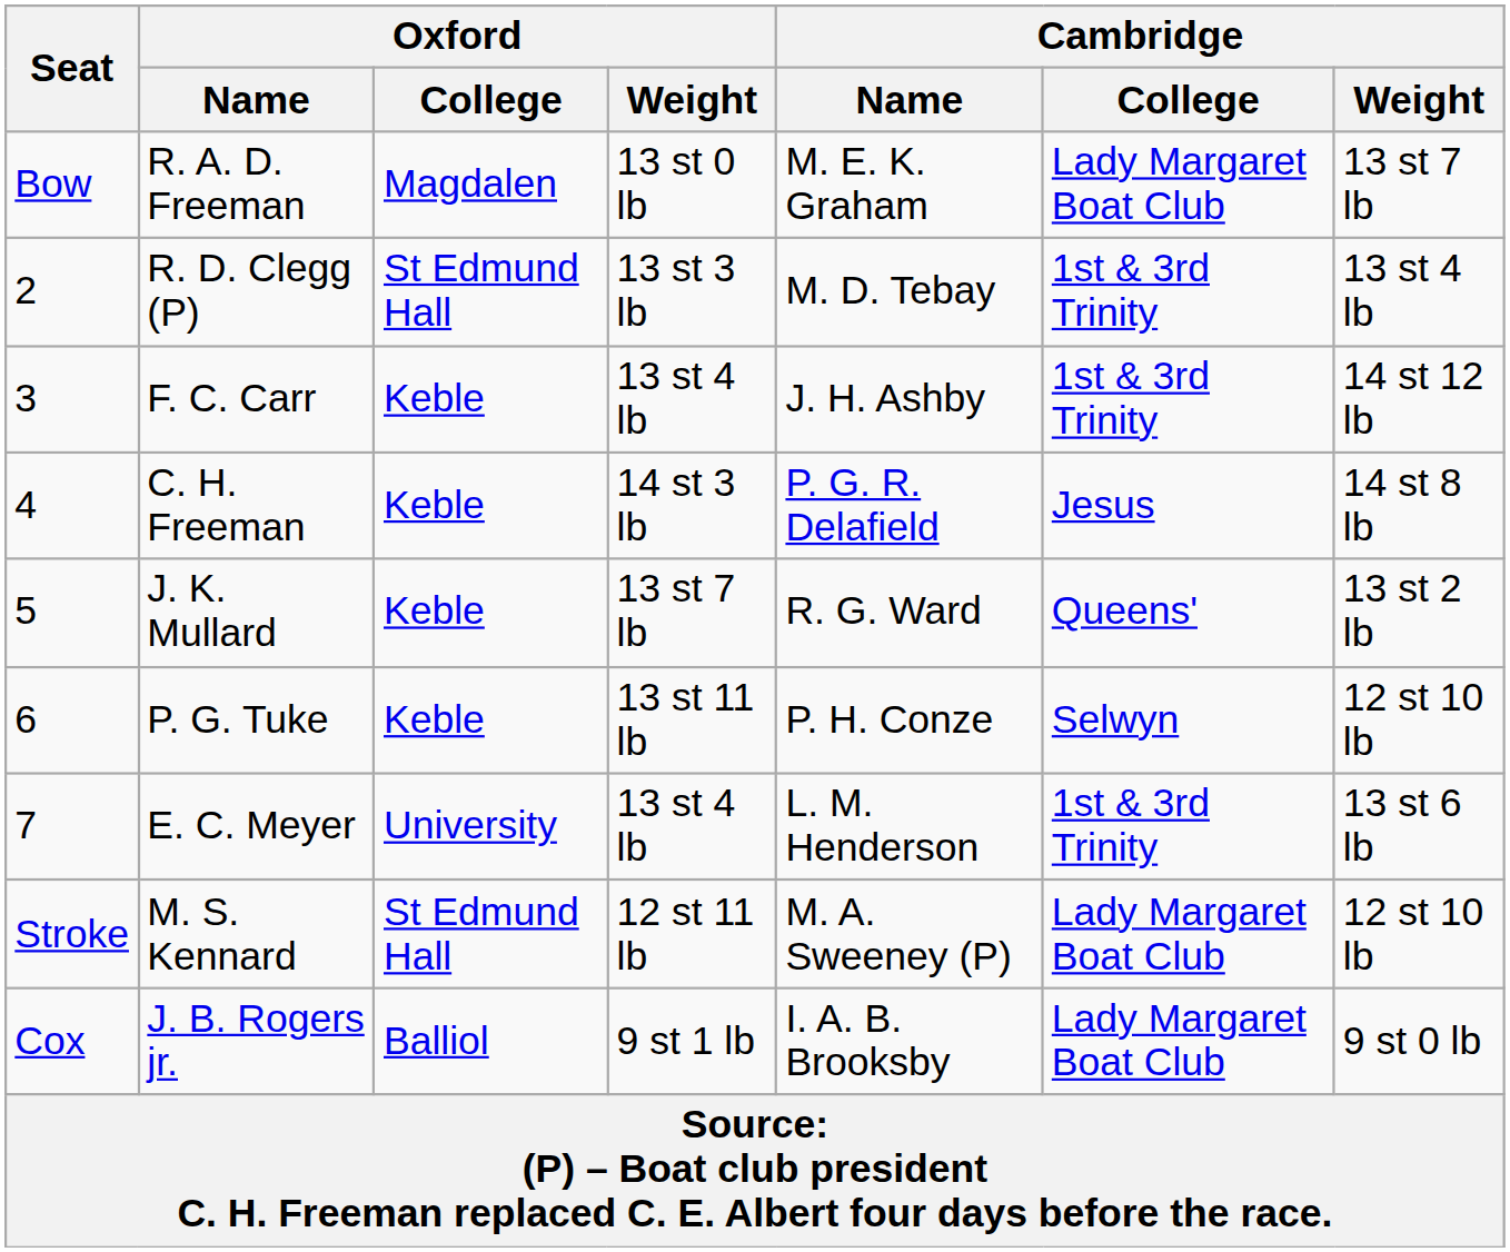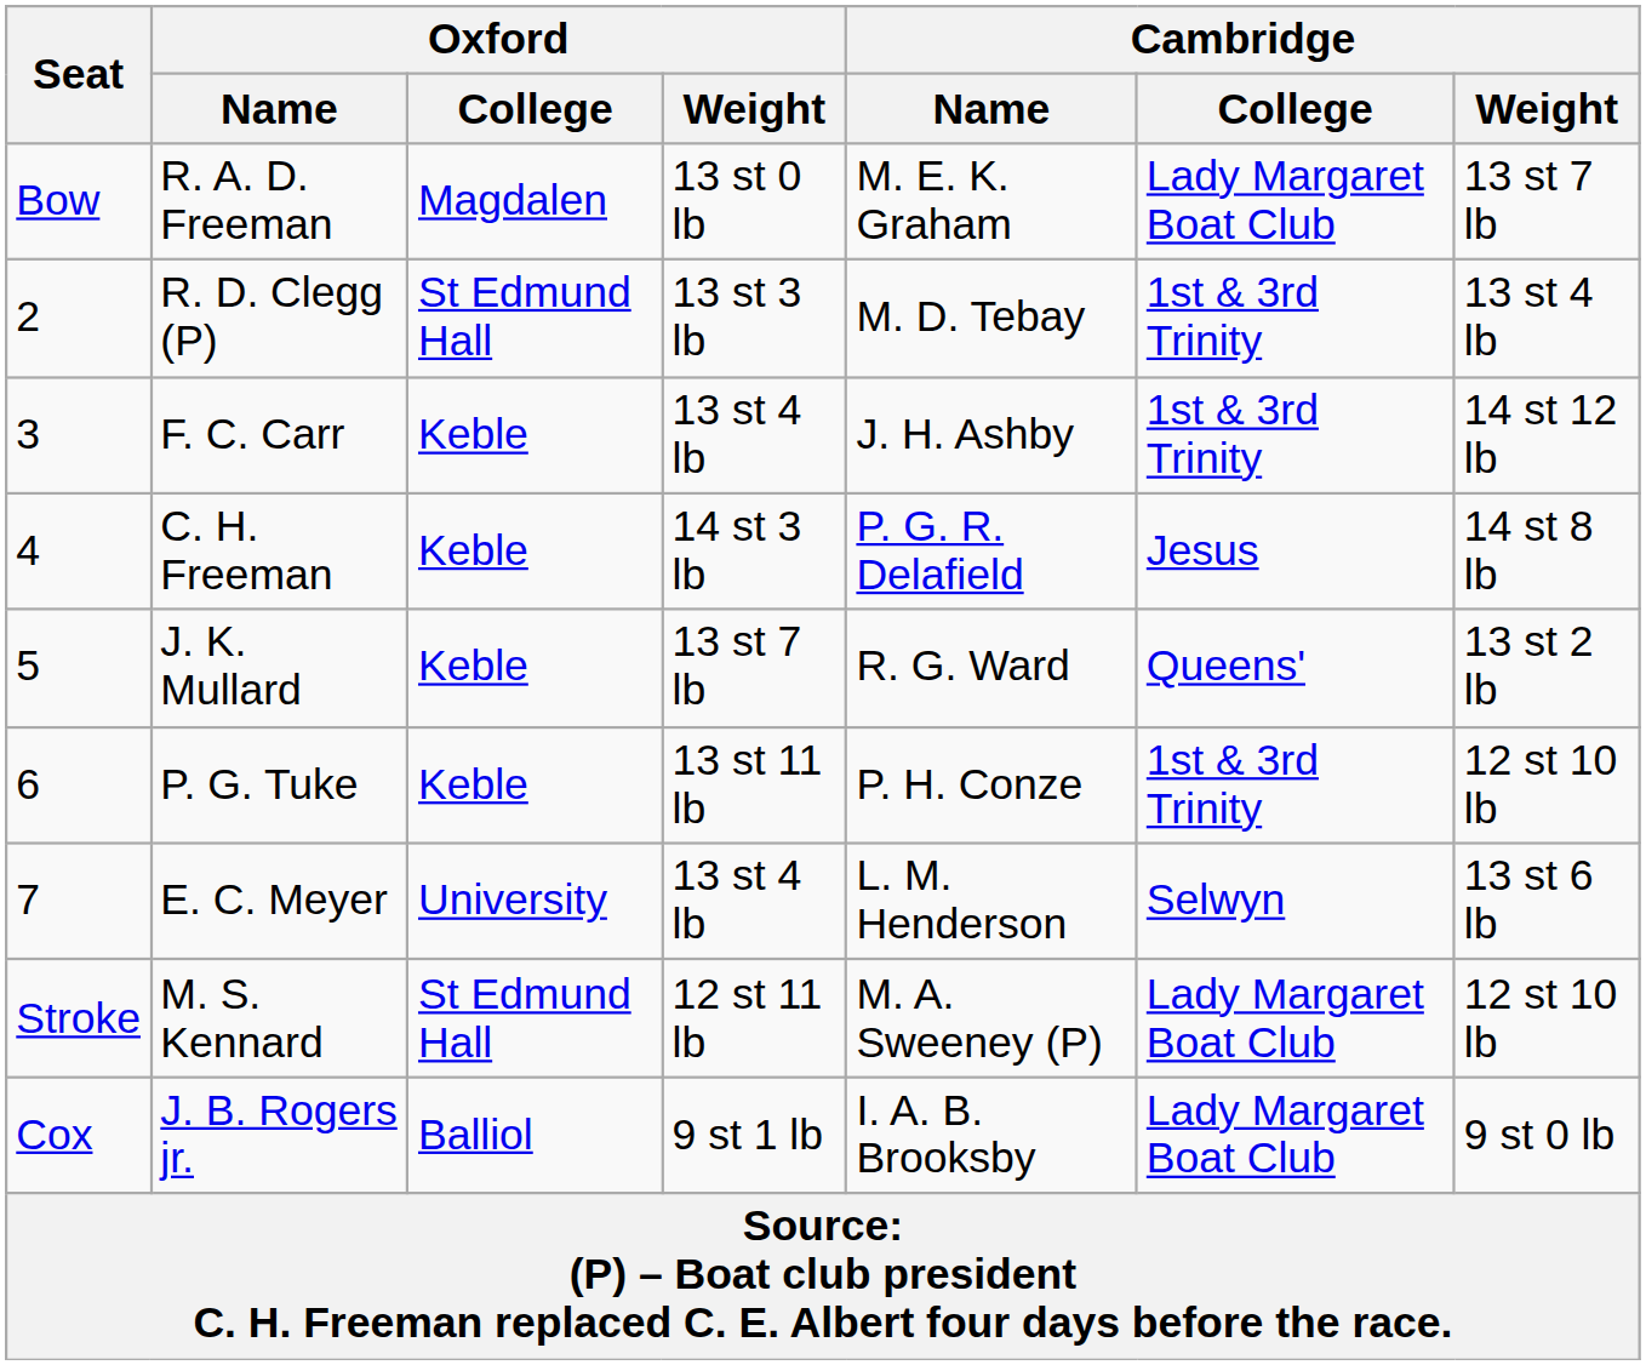 <table class="wikitable">
 <tr>
 <th rowspan="2" scope="col">Seat</th>
 <th colspan="3" scope="col">Oxford <br> </th>
 <th colspan="3" scope="col">Cambridge <br> </th>
 </tr>
 <tr>
 <th>Name</th>
 <th>College</th>
 <th>Weight</th>
 <th>Name</th>
 <th>College</th>
 <th>Weight</th>
 </tr>
 <tr>
 <td><a href='#'>Bow</a></td>
 <td>R. A. D. Freeman</td>
 <td><a href='#'>Magdalen</a></td>
 <td>13 st 0 lb</td>
 <td>M. E. K. Graham</td>
 <td><a href='#'>Lady Margaret Boat Club</a></td>
 <td>13 st 7 lb</td>
 </tr>
 <tr>
 <td>2</td>
 <td>R. D. Clegg (P)</td>
 <td><a href='#'>St Edmund Hall</a></td>
 <td>13 st 3 lb</td>
 <td>M. D. Tebay</td>
 <td><a href='#'>1st & 3rd Trinity</a></td>
 <td>13 st 4 lb</td>
 </tr>
 <tr>
 <td>3</td>
 <td>F. C. Carr</td>
 <td><a href='#'>Keble</a></td>
 <td>13 st 4 lb</td>
 <td>J. H. Ashby</td>
 <td><a href='#'>1st & 3rd Trinity</a></td>
 <td>14 st 12 lb</td>
 </tr>
 <tr>
 <td>4</td>
 <td>C. H. Freeman </td>
 <td><a href='#'>Keble</a></td>
 <td>14 st 3 lb</td>
 <td><a href='#'>P. G. R. Delafield</a></td>
 <td><a href='#'>Jesus</a></td>
 <td>14 st 8 lb</td>
 </tr>
 <tr>
 <td>5</td>
 <td>J. K. Mullard</td>
 <td><a href='#'>Keble</a></td>
 <td>13 st 7 lb</td>
 <td>R. G. Ward</td>
 <td><a href='#'>Queens'</a></td>
 <td>13 st 2 lb</td>
 </tr>
 <tr>
 <td>6</td>
 <td>P. G. Tuke</td>
 <td><a href='#'>Keble</a></td>
 <td>13 st 11 lb</td>
 <td>P. H. Conze</td>
-<td><a href='#'>Selwyn</a></td>
+<td><a href='#'>1st & 3rd Trinity</a></td>
 <td>12 st 10 lb</td>
 </tr>
 <tr>
 <td>7</td>
 <td>E. C. Meyer</td>
 <td><a href='#'>University</a></td>
 <td>13 st 4 lb</td>
 <td>L. M. Henderson</td>
-<td><a href='#'>1st & 3rd Trinity</a></td>
+<td><a href='#'>Selwyn</a></td>
 <td>13 st 6 lb</td>
 </tr>
 <tr>
 <td><a href='#'>Stroke</a></td>
 <td>M. S. Kennard</td>
 <td><a href='#'>St Edmund Hall</a></td>
 <td>12 st 11 lb</td>
 <td>M. A. Sweeney (P)</td>
 <td><a href='#'>Lady Margaret Boat Club</a></td>
 <td>12 st 10 lb</td>
 </tr>
 <tr>
 <td><a href='#'>Cox</a></td>
 <td><a href='#'>J. B. Rogers jr.</a></td>
 <td><a href='#'>Balliol</a></td>
 <td>9 st 1 lb</td>
 <td>I. A. B. Brooksby</td>
 <td><a href='#'>Lady Margaret Boat Club</a></td>
 <td>9 st 0 lb</td>
 </tr>
 <tr>
 <th colspan="7">Source:<br>(P) – Boat club president<br>C. H. Freeman replaced C. E. Albert four days before the race.</th>
 </tr>
 </table>
